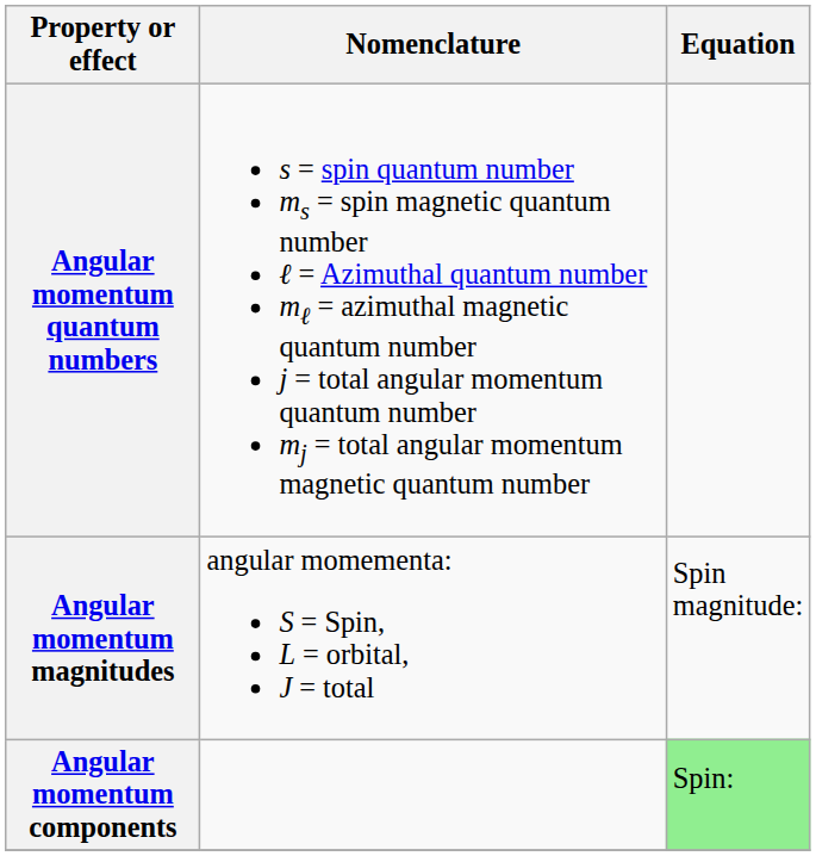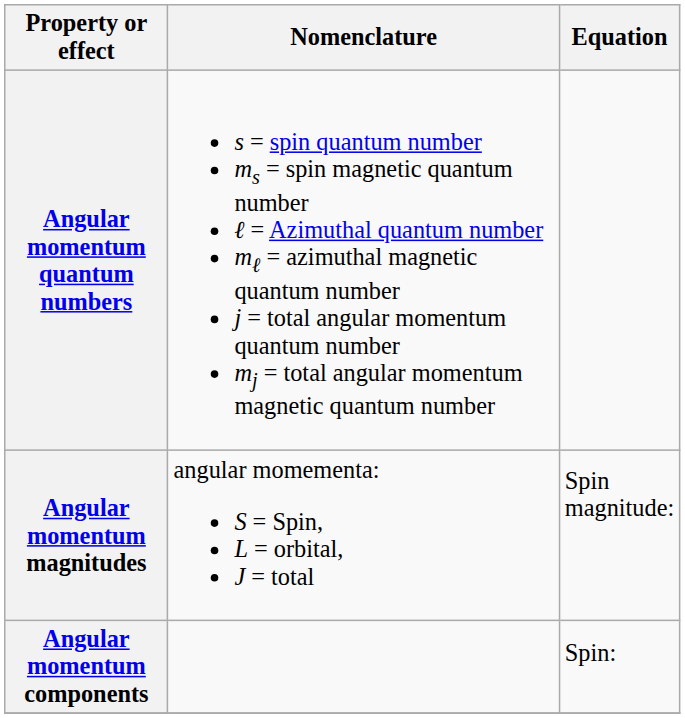 <table class="wikitable">
 <tr>
 <th scope="col" width="100">Property or effect</th>
 <th scope="col" width="250">Nomenclature</th>
 <th scope="col" width="10">Equation</th>
 </tr>
 <tr>
 <th><a href='#'>Angular momentum</a> <a href='#'>quantum numbers</a></th>
 <td><br><ul><li><em>s</em> = <a href='#'>spin quantum number</a></li><li><em>m<sub>s</sub></em> = spin magnetic quantum number</li><li><em>ℓ</em> = <a href='#'>Azimuthal quantum number</a></li><li><em>m<sub>ℓ</sub></em> = azimuthal magnetic quantum number</li><li><em>j</em> = total angular momentum quantum number</li><li><em>m<sub>j</sub></em> = total angular momentum magnetic quantum number</li></ul></td>
 <td><br><br><br></td>
 </tr>
 <tr>
 <th><a href='#'>Angular momentum</a> magnitudes</th>
 <td>angular momementa:<br><ul><li><em>S</em> = Spin,</li><li><em>L</em> = orbital,</li><li><em>J</em> = total</li></ul></td>
 <td>Spin magnitude:<br><br><br><br></td>
 </tr>
 <tr>
 <th><a href='#'>Angular momentum</a> components</th>
 <td></td>
-<td style="background: lightgreen;">Spin:<br><br></td>
+<td>Spin:<br><br></td>
 </tr>
 <tr>
 </tr>
 </table>
